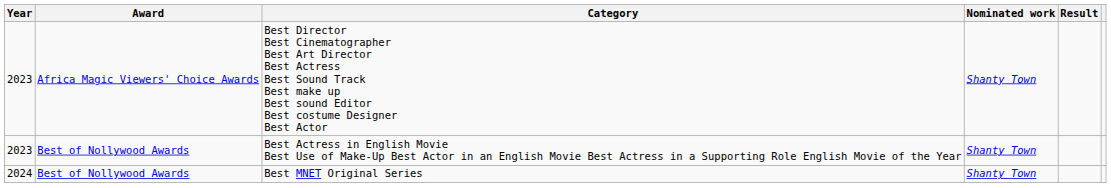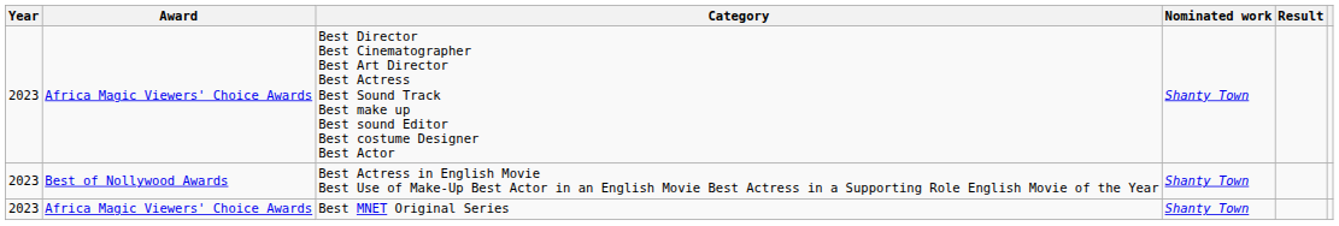 <table class="wikitable">
 <tr>
 <th>Year</th>
 <th>Award</th>
 <th>Category</th>
 <th>Nominated work</th>
 <th>Result</th>
 <th></th>
 </tr>
 <tr>
 <td>2023</td>
 <td><a href='#'>Africa Magic Viewers' Choice Awards</a></td>
 <td>Best Director<br>Best Cinematographer<br>Best Art Director<br>Best Actress<br>Best Sound Track<br>Best make up<br>Best sound Editor<br>Best costume Designer<br>Best Actor</td>
 <td><a href='#'><em>Shanty Town</em></a></td>
 <td></td>
 <td></td>
 </tr>
 <tr>
 <td>2023</td>
 <td><a href='#'>Best of Nollywood Awards</a></td>
 <td>Best Actress in English Movie<br>Best Use of Make-Up Best Actor in an English Movie Best Actress in a Supporting Role English Movie of the Year</td>
 <td><a href='#'><em>Shanty Town</em></a></td>
 <td></td>
 <td></td>
 </tr>
 <tr>
-<td>2024</td>
-<td><a href='#'>Best of Nollywood Awards</a></td>
+<td>2023</td>
+<td><a href='#'>Africa Magic Viewers' Choice Awards</a></td>
 <td>Best <a href='#'>MNET</a> Original Series</td>
 <td><a href='#'><em>Shanty Town</em></a></td>
 <td></td>
 <td></td>
 </tr>
 </table>
